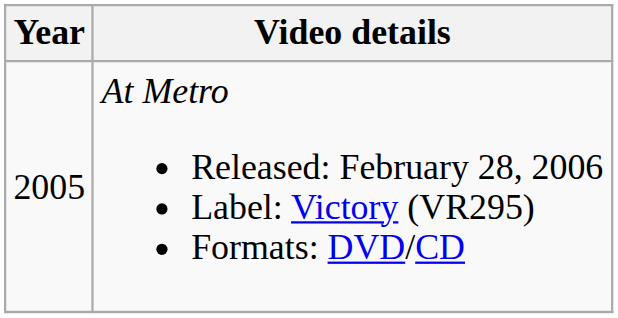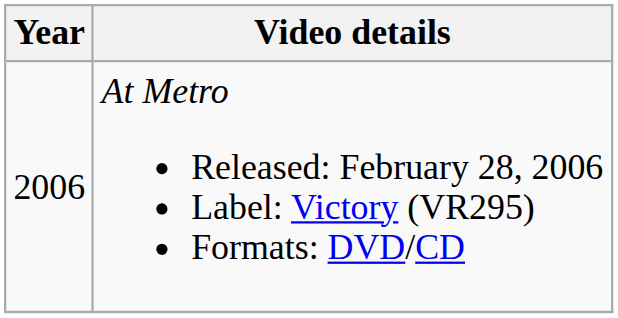 <table class ="wikitable">
 <tr>
 <th>Year</th>
 <th>Video details</th>
 </tr>
 <tr>
-<td>2005</td>
+<td>2006</td>
 <td><em>At Metro</em><br><ul><li>Released: February 28, 2006</li><li>Label: <a href='#'>Victory</a> (VR295)</li><li>Formats: <a href='#'>DVD</a>/<a href='#'>CD</a></li></ul></td>
 </tr>
 <tr>
 </tr>
 </table>
